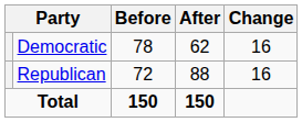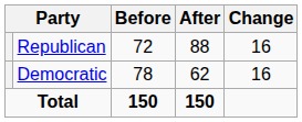 <table class="wikitable" style="text-align:center;">
 <tr>
 <th colspan="2">Party</th>
 <th>Before</th>
 <th>After</th>
 <th>Change</th>
 </tr>
 <tr>
 <th style="background-color:"></th>
-<td style="text-align:left;"><a href='#'>Democratic</a></td>
-<td>78</td>
-<td>62</td>
+<td style="text-align:left;"><a href='#'>Republican</a></td>
+<td>72</td>
+<td>88</td>
 <td> 16</td>
 </tr>
 <tr>
 <th style="background-color:"></th>
-<td style="text-align:left;"><a href='#'>Republican</a></td>
-<td>72</td>
-<td>88</td>
+<td style="text-align:left;"><a href='#'>Democratic</a></td>
+<td>78</td>
+<td>62</td>
 <td> 16</td>
 </tr>
 <tr>
 <td colspan="2"><strong>Total</strong></td>
 <td><strong>150</strong></td>
 <td><strong>150</strong></td>
 <td></td>
 </tr>
 </table>
